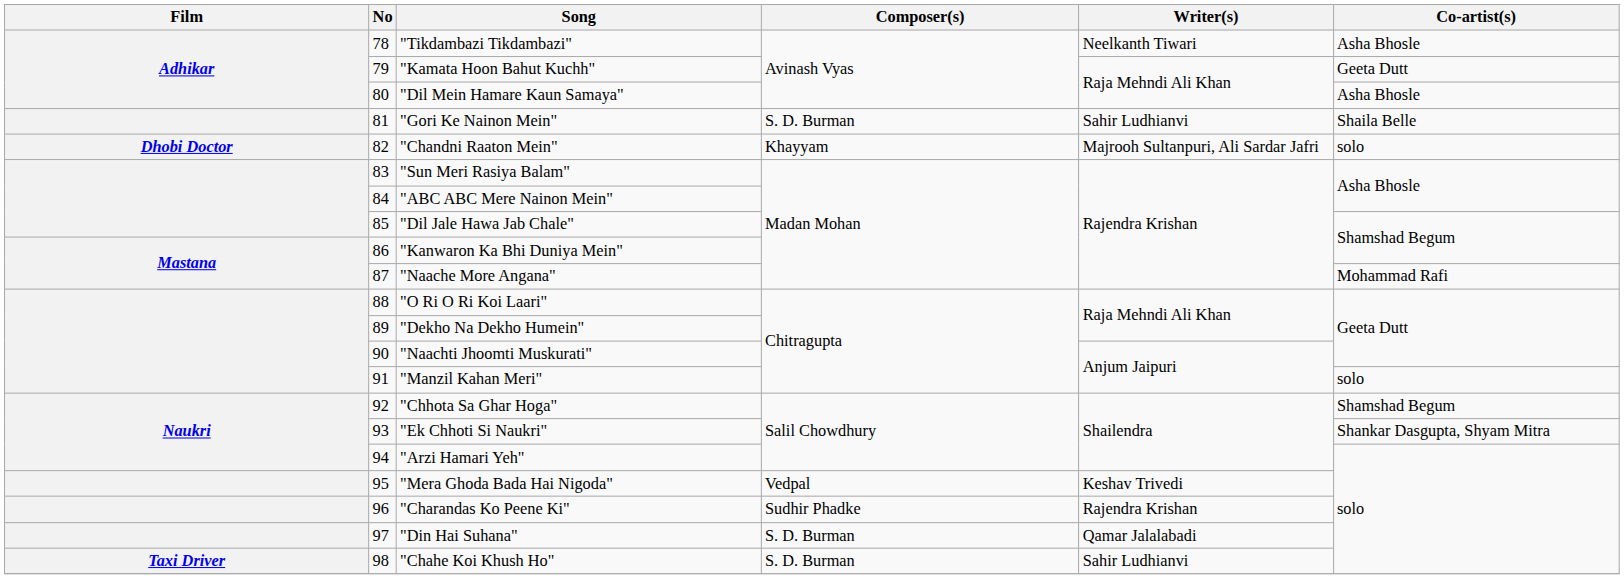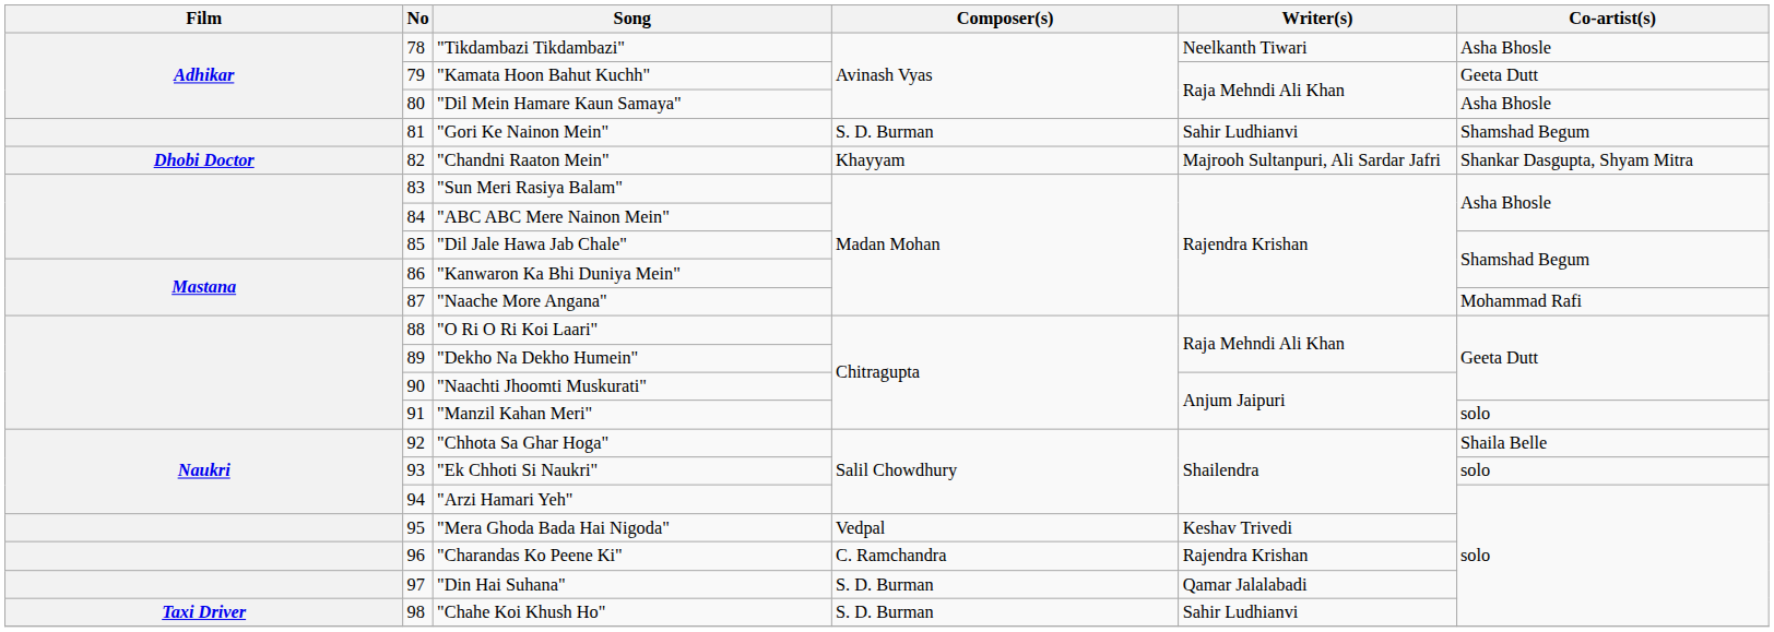 <table class="wikitable plainrowheaders" width="100%" textcolor:#000;">
 <tr style="background:#b0e0e66;">
 <th scope="col" width=23%><strong>Film</strong></th>
 <th><strong>No</strong></th>
 <th scope="col" width=23%><strong>Song</strong></th>
 <th scope="col" width=20%><strong>Composer(s)</strong></th>
 <th scope="col" width=16%><strong>Writer(s)</strong></th>
 <th scope="col" width=18%><strong>Co-artist(s)</strong></th>
 </tr>
 <tr>
 <th rowspan=3><em><a href='#'>Adhikar</a></em></th>
 <td>78</td>
 <td>"Tikdambazi Tikdambazi"</td>
 <td rowspan=3>Avinash Vyas</td>
 <td>Neelkanth Tiwari</td>
 <td>Asha Bhosle</td>
 </tr>
 <tr>
 <td>79</td>
 <td>"Kamata Hoon Bahut Kuchh"</td>
 <td rowspan=2>Raja Mehndi Ali Khan</td>
 <td>Geeta Dutt</td>
 </tr>
 <tr>
 <td>80</td>
 <td>"Dil Mein Hamare Kaun Samaya"</td>
 <td>Asha Bhosle</td>
 </tr>
 <tr>
 <th><em></em></th>
 <td>81</td>
 <td>"Gori Ke Nainon Mein"</td>
 <td>S. D. Burman</td>
 <td>Sahir Ludhianvi</td>
-<td>Shaila Belle</td>
+<td>Shamshad Begum</td>
 </tr>
 <tr>
 <th><em><a href='#'>Dhobi Doctor</a></em></th>
 <td>82</td>
 <td>"Chandni Raaton Mein"</td>
 <td>Khayyam</td>
 <td>Majrooh Sultanpuri, Ali Sardar Jafri</td>
-<td>solo</td>
+<td>Shankar Dasgupta, Shyam Mitra</td>
 </tr>
 <tr>
 <th rowspan=3><em></em></th>
 <td>83</td>
 <td>"Sun Meri Rasiya Balam"</td>
 <td rowspan=5>Madan Mohan</td>
 <td rowspan=5>Rajendra Krishan</td>
 <td rowspan=2>Asha Bhosle</td>
 </tr>
 <tr>
 <td>84</td>
 <td>"ABC ABC Mere Nainon Mein"</td>
 </tr>
 <tr>
 <td>85</td>
 <td>"Dil Jale Hawa Jab Chale"</td>
 <td rowspan=2>Shamshad Begum</td>
 </tr>
 <tr>
 <th rowspan=2><em><a href='#'>Mastana</a></em></th>
 <td>86</td>
 <td>"Kanwaron Ka Bhi Duniya Mein"</td>
 </tr>
 <tr>
 <td>87</td>
 <td>"Naache More Angana"</td>
 <td>Mohammad Rafi</td>
 </tr>
 <tr>
 <th rowspan=4><em></em></th>
 <td>88</td>
 <td>"O Ri O Ri Koi Laari"</td>
 <td rowspan=4>Chitragupta</td>
 <td rowspan=2>Raja Mehndi Ali Khan</td>
 <td rowspan=3>Geeta Dutt</td>
 </tr>
 <tr>
 <td>89</td>
 <td>"Dekho Na Dekho Humein"</td>
 </tr>
 <tr>
 <td>90</td>
 <td>"Naachti Jhoomti Muskurati"</td>
 <td rowspan=2>Anjum Jaipuri</td>
 </tr>
 <tr>
 <td>91</td>
 <td>"Manzil Kahan Meri"</td>
 <td>solo</td>
 </tr>
 <tr>
 <th rowspan=3><em><a href='#'>Naukri</a></em></th>
 <td>92</td>
 <td>"Chhota Sa Ghar Hoga"</td>
 <td rowspan=3>Salil Chowdhury</td>
 <td rowspan=3>Shailendra</td>
-<td>Shamshad Begum</td>
+<td>Shaila Belle</td>
 </tr>
 <tr>
 <td>93</td>
 <td>"Ek Chhoti Si Naukri"</td>
-<td>Shankar Dasgupta, Shyam Mitra</td>
+<td>solo</td>
 </tr>
 <tr>
 <td>94</td>
 <td>"Arzi Hamari Yeh"</td>
 <td rowspan=5>solo</td>
 </tr>
 <tr>
 <th><em></em></th>
 <td>95</td>
 <td>"Mera Ghoda Bada Hai Nigoda"</td>
 <td>Vedpal</td>
 <td>Keshav Trivedi</td>
 </tr>
 <tr>
 <th><em></em></th>
 <td>96</td>
 <td>"Charandas Ko Peene Ki"</td>
-<td>Sudhir Phadke</td>
+<td>C. Ramchandra</td>
 <td>Rajendra Krishan</td>
 </tr>
 <tr>
 <th><em></em></th>
 <td>97</td>
 <td>"Din Hai Suhana"</td>
 <td>S. D. Burman</td>
 <td>Qamar Jalalabadi</td>
 </tr>
 <tr>
 <th><em><a href='#'>Taxi Driver</a></em></th>
 <td>98</td>
 <td>"Chahe Koi Khush Ho"</td>
 <td>S. D. Burman</td>
 <td>Sahir Ludhianvi</td>
 </tr>
 <tr>
 </tr>
 </table>
